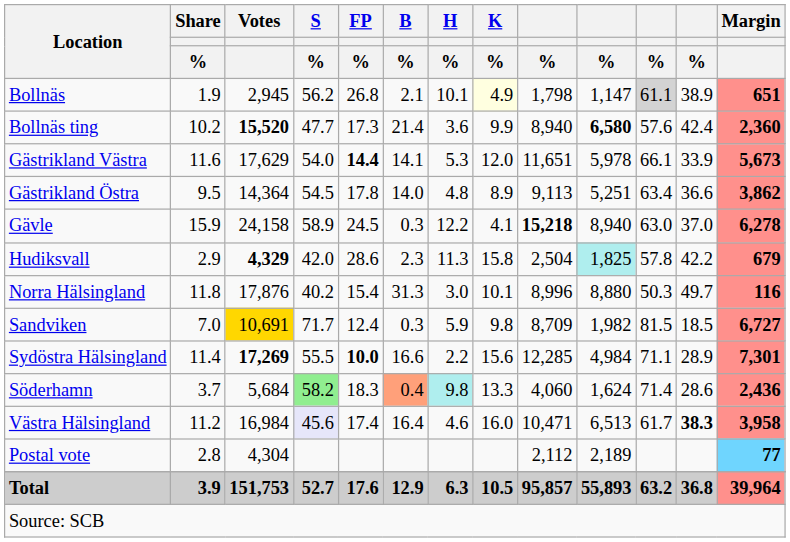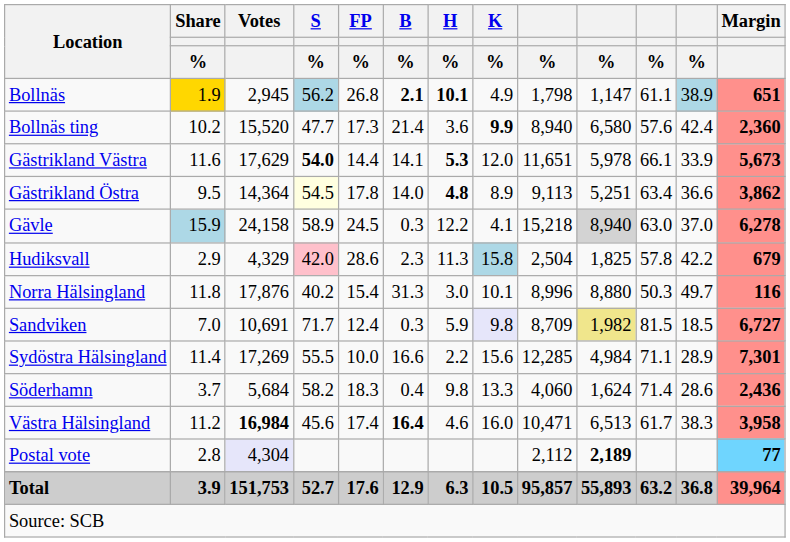 <table class="wikitable sortable" style="text-align:right; font-size:95%; line-height:20px;">
 <tr>
 <th rowspan="3">Location</th>
 <th>Share</th>
 <th>Votes</th>
 <th width="30px" class="unsortable"><a href='#'>S</a></th>
 <th width="30px" class="unsortable"><a href='#'>FP</a></th>
 <th width="30px" class="unsortable"><a href='#'>B</a></th>
 <th width="30px" class="unsortable"><a href='#'>H</a></th>
 <th width="30px" class="unsortable"><a href='#'>K</a></th>
 <th></th>
 <th></th>
 <th></th>
 <th></th>
 <th>Margin</th>
 </tr>
 <tr>
 <th></th>
 <th></th>
 <th style="background:"></th>
 <th style="background:"></th>
 <th style="background:"></th>
 <th style="background:"></th>
 <th style="background:"></th>
 <th style="background:"></th>
 <th style="background:"></th>
 <th style="background:"></th>
 <th style="background:"></th>
 <th></th>
 </tr>
 <tr>
 <th data-sort-type="number">%</th>
 <th></th>
 <th data-sort-type="number">%</th>
 <th data-sort-type="number">%</th>
 <th data-sort-type="number">%</th>
 <th data-sort-type="number">%</th>
 <th data-sort-type="number">%</th>
 <th data-sort-type="number">%</th>
 <th data-sort-type="number">%</th>
 <th data-sort-type="number">%</th>
 <th data-sort-type="number">%</th>
 <th data-sort-type="number"></th>
 </tr>
 <tr>
 <td align=left><a href='#'>Bollnäs</a></td>
-<td>1.9</td>
+<td style="background: gold;">1.9</td>
 <td>2,945</td>
-<td>56.2</td>
+<td style="background: lightblue;">56.2</td>
 <td>26.8</td>
-<td>2.1</td>
-<td>10.1</td>
-<td style="background: lightyellow;">4.9</td>
+<td><strong>2.1</strong></td>
+<td><strong>10.1</strong></td>
+<td>4.9</td>
 <td>1,798</td>
 <td>1,147</td>
-<td style="background: lightgrey;">61.1</td>
-<td>38.9</td>
+<td>61.1</td>
+<td style="background: lightblue;">38.9</td>
 <td bgcolor=#ff908c><strong>651</strong></td>
 </tr>
 <tr>
 <td align=left><a href='#'>Bollnäs ting</a></td>
 <td>10.2</td>
-<td><strong>15,520</strong></td>
+<td>15,520</td>
 <td>47.7</td>
 <td>17.3</td>
 <td>21.4</td>
 <td>3.6</td>
-<td>9.9</td>
+<td><strong>9.9</strong></td>
 <td>8,940</td>
-<td><strong>6,580</strong></td>
+<td>6,580</td>
 <td>57.6</td>
 <td>42.4</td>
 <td bgcolor=#ff908c><strong>2,360</strong></td>
 </tr>
 <tr>
 <td align=left><a href='#'>Gästrikland Västra</a></td>
 <td>11.6</td>
 <td>17,629</td>
-<td>54.0</td>
-<td><strong>14.4</strong></td>
+<td><strong>54.0</strong></td>
+<td>14.4</td>
 <td>14.1</td>
-<td>5.3</td>
+<td><strong>5.3</strong></td>
 <td>12.0</td>
 <td>11,651</td>
 <td>5,978</td>
 <td>66.1</td>
 <td>33.9</td>
 <td bgcolor=#ff908c><strong>5,673</strong></td>
 </tr>
 <tr>
 <td align=left><a href='#'>Gästrikland Östra</a></td>
 <td>9.5</td>
 <td>14,364</td>
-<td>54.5</td>
+<td style="background: lightyellow;">54.5</td>
 <td>17.8</td>
 <td>14.0</td>
-<td>4.8</td>
+<td><strong>4.8</strong></td>
 <td>8.9</td>
 <td>9,113</td>
 <td>5,251</td>
 <td>63.4</td>
 <td>36.6</td>
 <td bgcolor=#ff908c><strong>3,862</strong></td>
 </tr>
 <tr>
 <td align=left><a href='#'>Gävle</a></td>
-<td>15.9</td>
+<td style="background: lightblue;">15.9</td>
 <td>24,158</td>
 <td>58.9</td>
 <td>24.5</td>
 <td>0.3</td>
 <td>12.2</td>
 <td>4.1</td>
-<td><strong>15,218</strong></td>
-<td>8,940</td>
+<td>15,218</td>
+<td style="background: lightgrey;">8,940</td>
 <td>63.0</td>
 <td>37.0</td>
 <td bgcolor=#ff908c><strong>6,278</strong></td>
 </tr>
 <tr>
 <td align=left><a href='#'>Hudiksvall</a></td>
 <td>2.9</td>
-<td><strong>4,329</strong></td>
-<td>42.0</td>
+<td>4,329</td>
+<td style="background: pink;">42.0</td>
 <td>28.6</td>
 <td>2.3</td>
 <td>11.3</td>
-<td>15.8</td>
+<td style="background: lightblue;">15.8</td>
 <td>2,504</td>
-<td style="background: paleturquoise;">1,825</td>
+<td>1,825</td>
 <td>57.8</td>
 <td>42.2</td>
 <td bgcolor=#ff908c><strong>679</strong></td>
 </tr>
 <tr>
 <td align=left><a href='#'>Norra Hälsingland</a></td>
 <td>11.8</td>
 <td>17,876</td>
 <td>40.2</td>
 <td>15.4</td>
 <td>31.3</td>
 <td>3.0</td>
 <td>10.1</td>
 <td>8,996</td>
 <td>8,880</td>
 <td>50.3</td>
 <td>49.7</td>
 <td bgcolor=#ff908c><strong>116</strong></td>
 </tr>
 <tr>
 <td align=left><a href='#'>Sandviken</a></td>
 <td>7.0</td>
-<td style="background: gold;">10,691</td>
+<td>10,691</td>
 <td>71.7</td>
 <td>12.4</td>
 <td>0.3</td>
 <td>5.9</td>
-<td>9.8</td>
+<td style="background: lavender;">9.8</td>
 <td>8,709</td>
-<td>1,982</td>
+<td style="background: khaki;">1,982</td>
 <td>81.5</td>
 <td>18.5</td>
 <td bgcolor=#ff908c><strong>6,727</strong></td>
 </tr>
 <tr>
 <td align=left><a href='#'>Sydöstra Hälsingland</a></td>
 <td>11.4</td>
-<td><strong>17,269</strong></td>
+<td>17,269</td>
 <td>55.5</td>
-<td><strong>10.0</strong></td>
+<td>10.0</td>
 <td>16.6</td>
 <td>2.2</td>
 <td>15.6</td>
 <td>12,285</td>
 <td>4,984</td>
 <td>71.1</td>
 <td>28.9</td>
 <td bgcolor=#ff908c><strong>7,301</strong></td>
 </tr>
 <tr>
 <td align=left><a href='#'>Söderhamn</a></td>
 <td>3.7</td>
 <td>5,684</td>
-<td style="background: lightgreen;">58.2</td>
+<td>58.2</td>
 <td>18.3</td>
-<td style="background: lightsalmon;">0.4</td>
-<td style="background: paleturquoise;">9.8</td>
+<td>0.4</td>
+<td>9.8</td>
 <td>13.3</td>
 <td>4,060</td>
 <td>1,624</td>
 <td>71.4</td>
 <td>28.6</td>
 <td bgcolor=#ff908c><strong>2,436</strong></td>
 </tr>
 <tr>
 <td align=left><a href='#'>Västra Hälsingland</a></td>
 <td>11.2</td>
-<td>16,984</td>
-<td style="background: lavender;">45.6</td>
+<td><strong>16,984</strong></td>
+<td>45.6</td>
 <td>17.4</td>
-<td>16.4</td>
+<td><strong>16.4</strong></td>
 <td>4.6</td>
 <td>16.0</td>
 <td>10,471</td>
 <td>6,513</td>
 <td>61.7</td>
-<td><strong>38.3</strong></td>
+<td>38.3</td>
 <td bgcolor=#ff908c><strong>3,958</strong></td>
 </tr>
 <tr>
 <td align=left><a href='#'>Postal vote</a></td>
 <td>2.8</td>
-<td>4,304</td>
+<td style="background: lavender;">4,304</td>
 <td></td>
 <td></td>
 <td></td>
 <td></td>
 <td></td>
 <td>2,112</td>
-<td>2,189</td>
+<td><strong>2,189</strong></td>
 <td></td>
 <td></td>
 <td bgcolor=#6fd5fe><strong>77</strong></td>
 </tr>
 <tr>
 </tr>
 <tr style="background:#CDCDCD;">
 <td align=left><strong>Total</strong></td>
 <td><strong>3.9</strong></td>
 <td><strong>151,753</strong></td>
 <td><strong>52.7</strong></td>
 <td><strong>17.6</strong></td>
 <td><strong>12.9</strong></td>
 <td><strong>6.3</strong></td>
 <td><strong>10.5</strong></td>
 <td><strong>95,857</strong></td>
 <td><strong>55,893</strong></td>
 <td><strong>63.2</strong></td>
 <td><strong>36.8</strong></td>
 <td bgcolor=#ff908c><strong>39,964</strong></td>
 </tr>
 <tr>
 <td align=left colspan=13>Source: SCB </td>
 </tr>
 </table>
